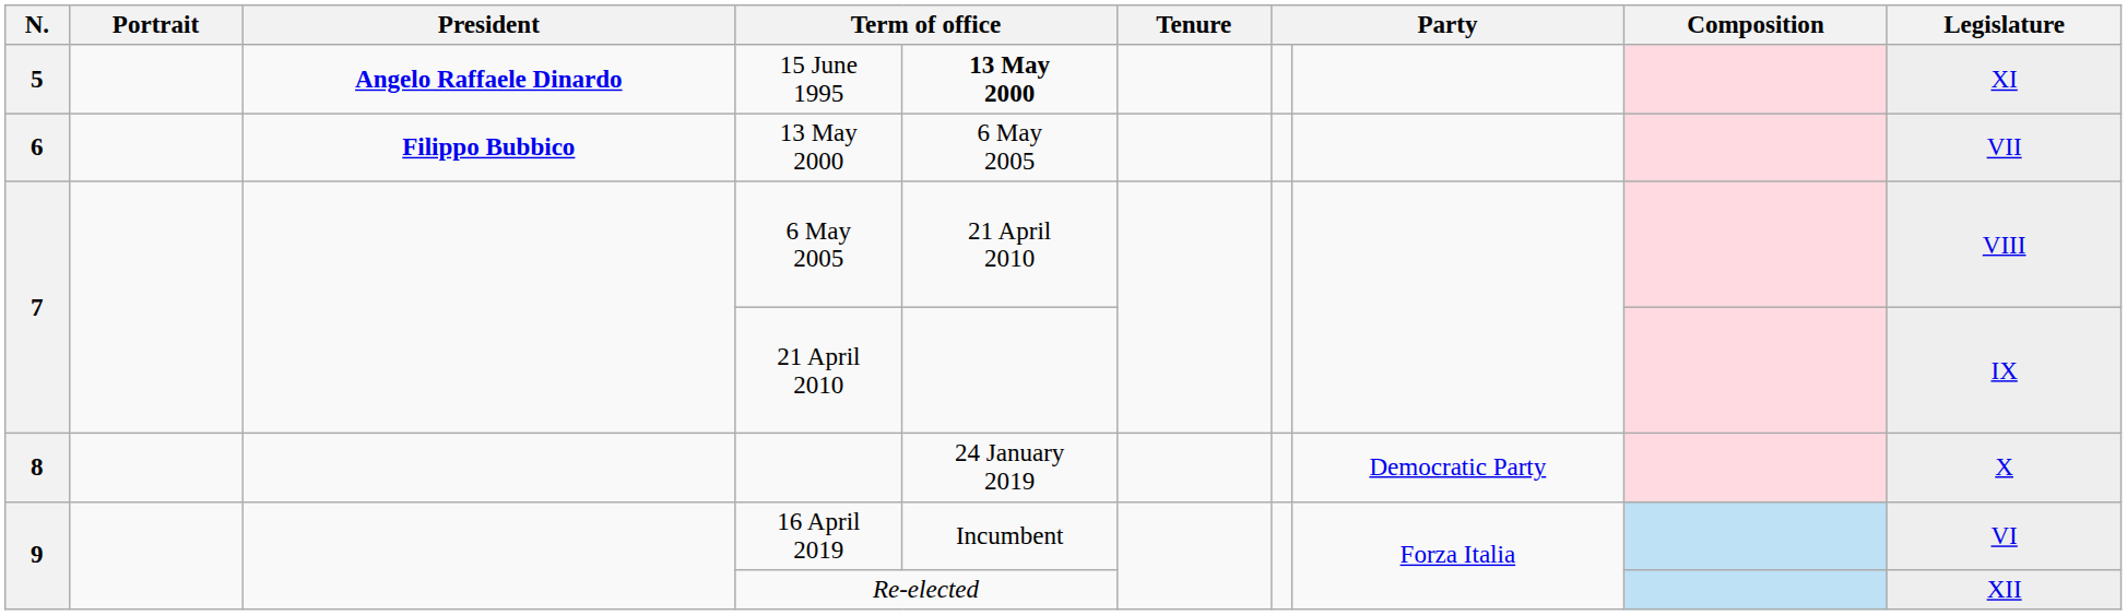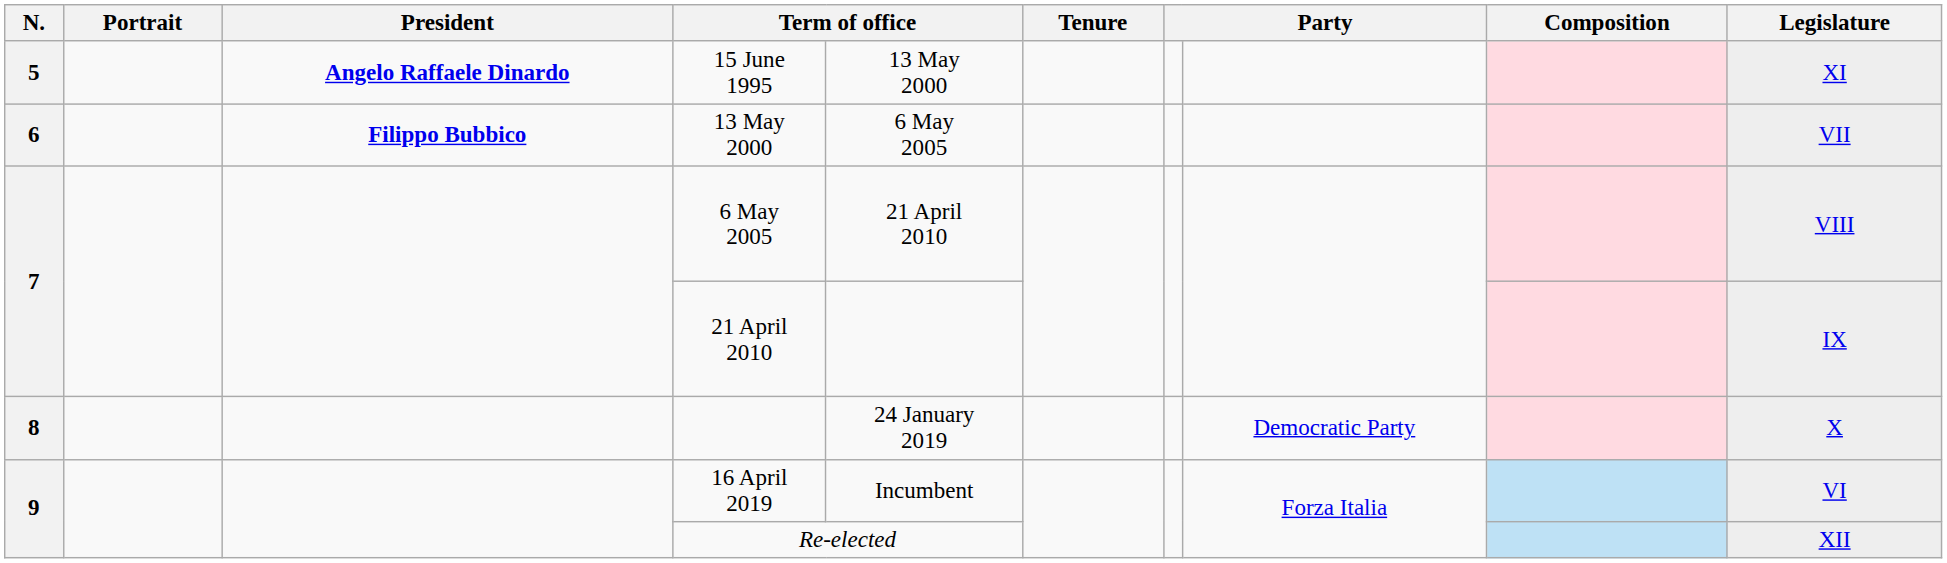 <table class=wikitable style=text-align:center width=85%>
 <tr>
 <th>N.</th>
 <th>Portrait</th>
 <th>President</th>
 <th colspan=2>Term of office</th>
 <th>Tenure<br></th>
 <th colspan=2>Party</th>
 <th>Composition</th>
 <th>Legislature</th>
 </tr>
 <tr>
 <th>5</th>
 <td></td>
 <td><strong><a href='#'>Angelo Raffaele Dinardo</a></strong><br></td>
 <td>15 June<br>1995</td>
-<td><strong>13 May<br>2000</strong></td>
+<td>13 May<br>2000</td>
 <td></td>
 <td></td>
 <td></td>
 <td bgcolor=#FFDAE1></td>
 <td bgcolor=#EEEEEE><a href='#'>XI<br></a></td>
 </tr>
 <tr>
 <th>6</th>
 <td></td>
 <td><strong><a href='#'>Filippo Bubbico</a></strong><br></td>
 <td>13 May<br>2000</td>
 <td>6 May<br>2005</td>
 <td></td>
 <td></td>
 <td></td>
 <td bgcolor=#FFDAE1></td>
 <td bgcolor=#EEEEEE><a href='#'>VII<br></a></td>
 </tr>
 <tr style="height:5em;">
 <th rowspan=2>7</th>
 <td rowspan=2></td>
 <td rowspan=2></td>
 <td>6 May<br>2005</td>
 <td>21 April<br>2010</td>
 <td rowspan=2></td>
 <td rowspan=2></td>
 <td rowspan=2></td>
 <td bgcolor=#FFDAE1></td>
 <td bgcolor=#EEEEEE><a href='#'>VIII<br></a></td>
 </tr>
 <tr style="height:5em;">
 <td>21 April<br>2010</td>
 <td></td>
 <td bgcolor=#FFDAE1></td>
 <td bgcolor=#EEEEEE><a href='#'>IX<br></a></td>
 </tr>
 <tr>
 <th>8</th>
 <td></td>
 <td></td>
 <td></td>
 <td>24 January<br>2019</td>
 <td></td>
 <td></td>
 <td><a href='#'>Democratic Party</a></td>
 <td bgcolor=#FFDAE1></td>
 <td bgcolor=#EEEEEE><a href='#'>X<br></a></td>
 </tr>
 <tr>
 <th rowspan=2>9</th>
 <td rowspan=2></td>
 <td rowspan=2></td>
 <td>16 April<br>2019</td>
 <td>Incumbent</td>
 <td rowspan=2></td>
 <td rowspan=2></td>
 <td rowspan=2><a href='#'>Forza Italia</a></td>
 <td bgcolor=#BEE1F5></td>
 <td bgcolor=#EEEEEE><a href='#'>VI<br></a></td>
 </tr>
 <tr>
 <td colspan=2><em>Re-elected</em></td>
 <td bgcolor=#BEE1F5></td>
 <td bgcolor=#EEEEEE><a href='#'>XII<br></a></td>
 </tr>
 </table>
